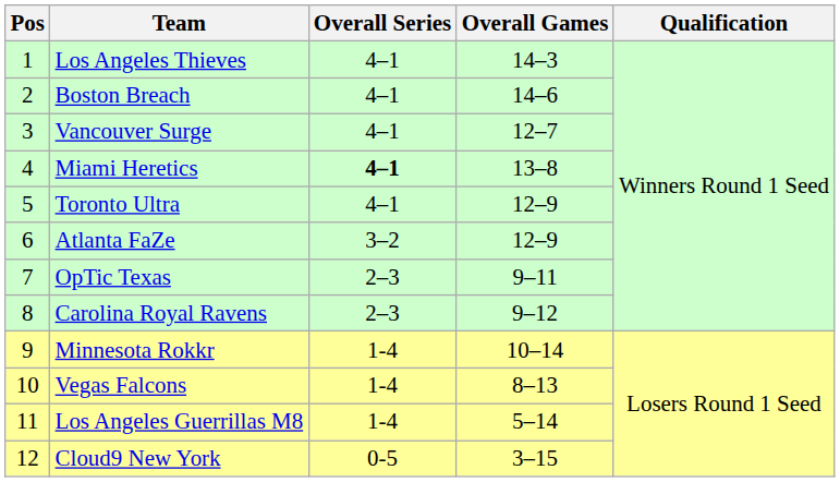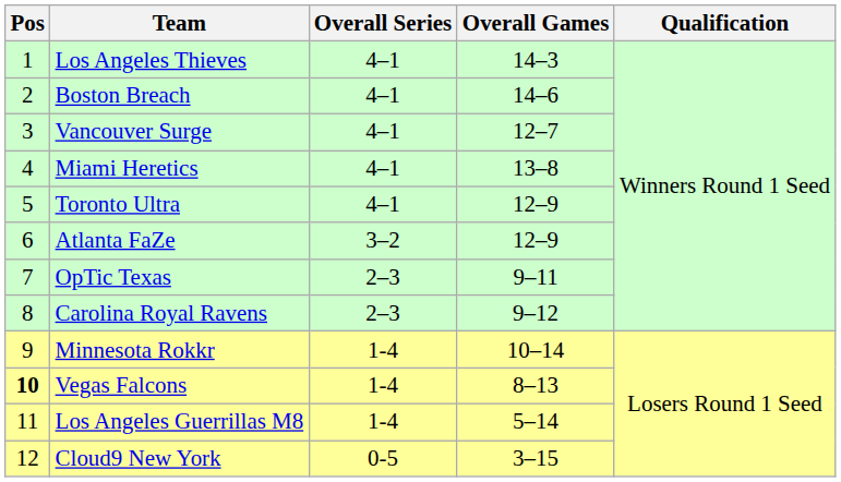 <table class="wikitable" style="text-align:center">
 <tr>
 <th>Pos</th>
 <th>Team</th>
 <th>Overall Series</th>
 <th>Overall Games</th>
 <th>Qualification</th>
 </tr>
 <tr bgcolor=CCFFCC>
 <td>1</td>
 <td align=left><a href='#'>Los Angeles Thieves</a></td>
 <td>4–1</td>
 <td>14–3</td>
 <td rowspan="8">Winners Round 1 Seed</td>
 </tr>
 <tr bgcolor="CCFFCC">
 <td>2</td>
 <td align="left"><a href='#'>Boston Breach</a></td>
 <td>4–1</td>
 <td>14–6</td>
 </tr>
 <tr bgcolor="CCFFCC">
 <td>3</td>
 <td align="left"><a href='#'>Vancouver Surge</a></td>
 <td>4–1</td>
 <td>12–7</td>
 </tr>
 <tr bgcolor=CCFFCC>
 <td>4</td>
 <td align="left"><a href='#'>Miami Heretics</a></td>
-<td><strong>4–1</strong></td>
+<td>4–1</td>
 <td>13–8</td>
 </tr>
 <tr bgcolor="CCFFCC">
 <td>5</td>
 <td align="left"><a href='#'>Toronto Ultra</a></td>
 <td>4–1</td>
 <td>12–9</td>
 </tr>
 <tr bgcolor="CCFFCC">
 <td>6</td>
 <td align="left"><a href='#'>Atlanta FaZe</a></td>
 <td>3–2</td>
 <td>12–9</td>
 </tr>
 <tr bgcolor=CCFFCC>
 <td>7</td>
 <td align="left"><a href='#'>OpTic Texas</a></td>
 <td>2–3</td>
 <td>9–11</td>
 </tr>
 <tr bgcolor="CCFFCC">
 <td>8</td>
 <td align="left"><a href='#'>Carolina Royal Ravens</a></td>
 <td>2–3</td>
 <td>9–12</td>
 </tr>
 <tr bgcolor="FFFF99">
 <td>9</td>
 <td align="left"><a href='#'>Minnesota Rokkr</a></td>
 <td>1-4</td>
 <td>10–14</td>
 <td rowspan="4">Losers Round 1 Seed</td>
 </tr>
 <tr bgcolor="FFFF99">
-<td>10</td>
+<td><strong>10</strong></td>
 <td align="left"><a href='#'>Vegas Falcons</a></td>
 <td>1-4</td>
 <td>8–13</td>
 </tr>
 <tr bgcolor=FFFF99>
 <td>11</td>
 <td align=left><a href='#'>Los Angeles Guerrillas M8</a></td>
 <td>1-4</td>
 <td>5–14</td>
 </tr>
 <tr bgcolor="FFFF99">
 <td>12</td>
 <td align="left"><a href='#'>Cloud9 New York</a></td>
 <td>0-5</td>
 <td>3–15</td>
 </tr>
 </table>
